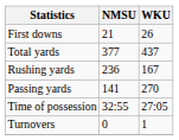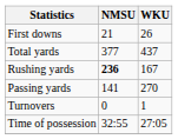 <table class="wikitable" style="float: left;">
 <tr>
 <th>Statistics</th>
 <th>NMSU</th>
 <th>WKU</th>
 </tr>
 <tr>
 <td>First downs</td>
 <td>21</td>
 <td>26</td>
 </tr>
 <tr>
 <td>Total yards</td>
 <td>377</td>
 <td>437</td>
 </tr>
 <tr>
 <td>Rushing yards</td>
-<td>236</td>
+<td><strong>236</strong></td>
 <td>167</td>
 </tr>
 <tr>
 <td>Passing yards</td>
 <td>141</td>
 <td>270</td>
 </tr>
 <tr>
+<td>Turnovers</td>
+<td>0</td>
+<td>1</td>
+</tr>
+<tr>
 <td>Time of possession</td>
 <td>32:55</td>
 <td>27:05</td>
 </tr>
 <tr>
-<td>Turnovers</td>
-<td>0</td>
-<td>1</td>
-</tr>
-<tr>
 </tr>
 </table>
